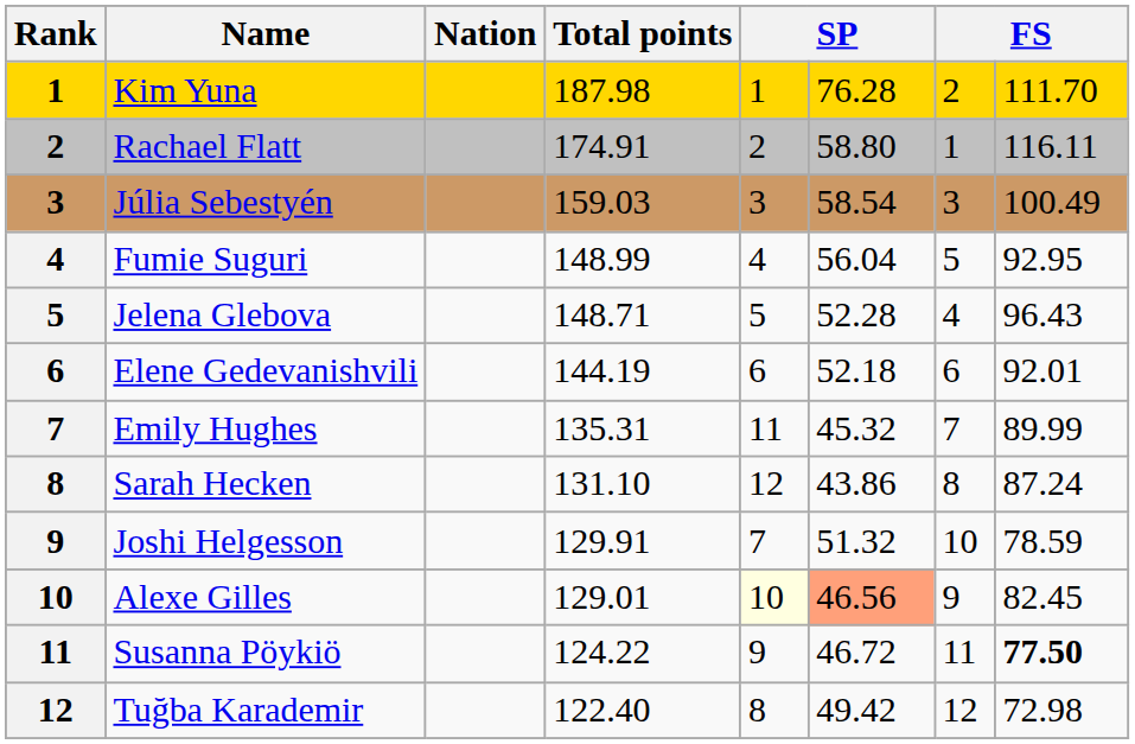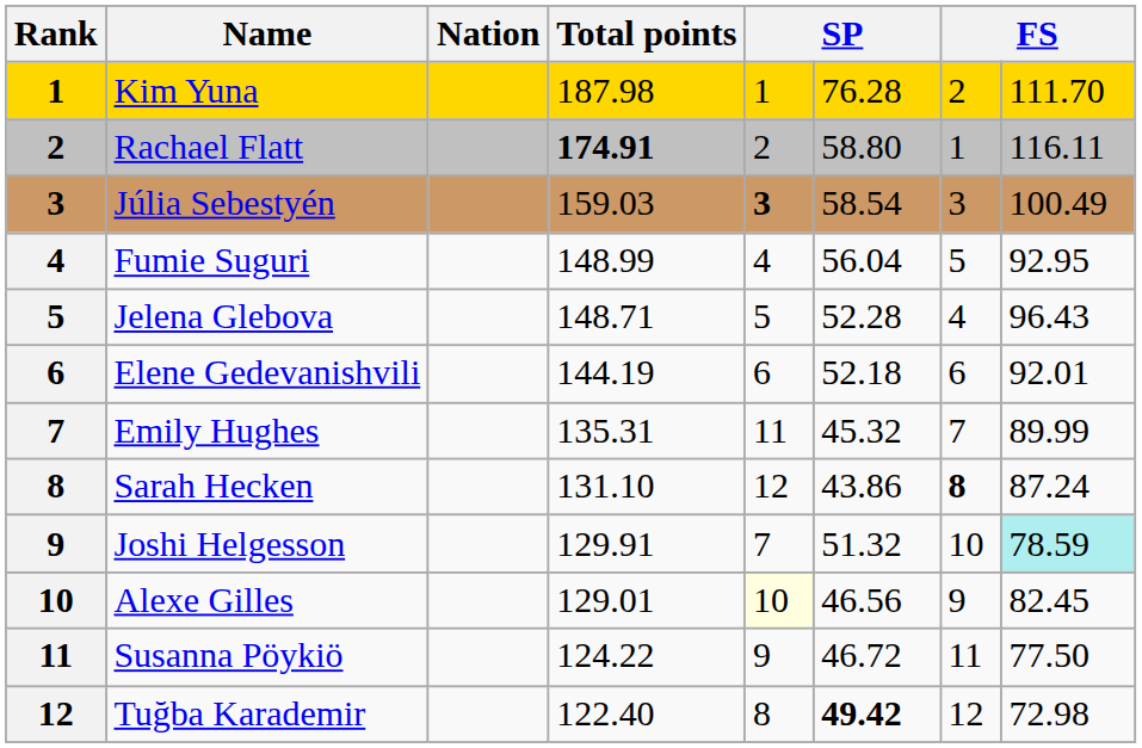 <table class="wikitable sortable">
 <tr>
 <th>Rank</th>
 <th>Name</th>
 <th>Nation</th>
 <th>Total points</th>
 <th colspan="2" width="80px"><a href='#'>SP</a></th>
 <th colspan="2" width="80px"><a href='#'>FS</a></th>
 </tr>
 <tr bgcolor="gold">
 <td align="center"><strong>1</strong></td>
 <td><a href='#'>Kim Yuna</a></td>
 <td></td>
 <td>187.98</td>
 <td>1</td>
 <td>76.28</td>
 <td>2</td>
 <td>111.70</td>
 </tr>
 <tr bgcolor="silver">
 <td align="center"><strong>2</strong></td>
 <td><a href='#'>Rachael Flatt</a></td>
 <td></td>
-<td>174.91</td>
+<td><strong>174.91</strong></td>
 <td>2</td>
 <td>58.80</td>
 <td>1</td>
 <td>116.11</td>
 </tr>
 <tr bgcolor="cc9966">
 <td align="center"><strong>3</strong></td>
 <td><a href='#'>Júlia Sebestyén</a></td>
 <td></td>
 <td>159.03</td>
-<td>3</td>
+<td><strong>3</strong></td>
 <td>58.54</td>
 <td>3</td>
 <td>100.49</td>
 </tr>
 <tr>
 <th>4</th>
 <td><a href='#'>Fumie Suguri</a></td>
 <td></td>
 <td>148.99</td>
 <td>4</td>
 <td>56.04</td>
 <td>5</td>
 <td>92.95</td>
 </tr>
 <tr>
 <th>5</th>
 <td><a href='#'>Jelena Glebova</a></td>
 <td></td>
 <td>148.71</td>
 <td>5</td>
 <td>52.28</td>
 <td>4</td>
 <td>96.43</td>
 </tr>
 <tr>
 <th>6</th>
 <td><a href='#'>Elene Gedevanishvili</a></td>
 <td></td>
 <td>144.19</td>
 <td>6</td>
 <td>52.18</td>
 <td>6</td>
 <td>92.01</td>
 </tr>
 <tr>
 <th>7</th>
 <td><a href='#'>Emily Hughes</a></td>
 <td></td>
 <td>135.31</td>
 <td>11</td>
 <td>45.32</td>
 <td>7</td>
 <td>89.99</td>
 </tr>
 <tr>
 <th>8</th>
 <td><a href='#'>Sarah Hecken</a></td>
 <td></td>
 <td>131.10</td>
 <td>12</td>
 <td>43.86</td>
-<td>8</td>
+<td><strong>8</strong></td>
 <td>87.24</td>
 </tr>
 <tr>
 <th>9</th>
 <td><a href='#'>Joshi Helgesson</a></td>
 <td></td>
 <td>129.91</td>
 <td>7</td>
 <td>51.32</td>
 <td>10</td>
-<td>78.59</td>
+<td style="background: paleturquoise;">78.59</td>
 </tr>
 <tr>
 <th>10</th>
 <td><a href='#'>Alexe Gilles</a></td>
 <td></td>
 <td>129.01</td>
 <td style="background: lightyellow;">10</td>
-<td style="background: lightsalmon;">46.56</td>
+<td>46.56</td>
 <td>9</td>
 <td>82.45</td>
 </tr>
 <tr>
 <th>11</th>
 <td><a href='#'>Susanna Pöykiö</a></td>
 <td></td>
 <td>124.22</td>
 <td>9</td>
 <td>46.72</td>
 <td>11</td>
-<td><strong>77.50</strong></td>
+<td>77.50</td>
 </tr>
 <tr>
 <th>12</th>
 <td><a href='#'>Tuğba Karademir</a></td>
 <td></td>
 <td>122.40</td>
 <td>8</td>
-<td>49.42</td>
+<td><strong>49.42</strong></td>
 <td>12</td>
 <td>72.98</td>
 </tr>
 </table>
